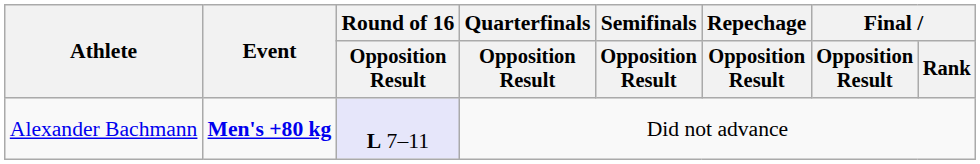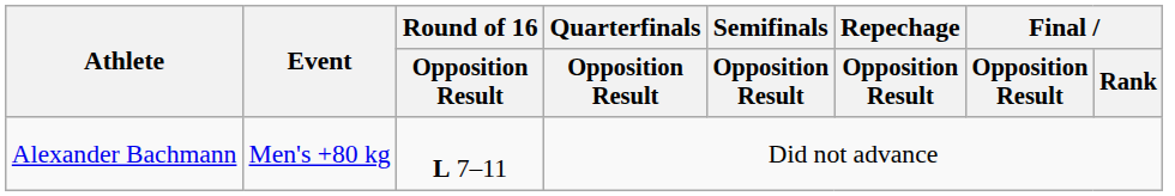 <table class="wikitable" style="font-size:90%">
 <tr>
 <th rowspan=2>Athlete</th>
 <th rowspan=2>Event</th>
 <th>Round of 16</th>
 <th>Quarterfinals</th>
 <th>Semifinals</th>
 <th>Repechage</th>
 <th colspan=2>Final / </th>
 </tr>
 <tr style="font-size:95%">
 <th>Opposition<br>Result</th>
 <th>Opposition<br>Result</th>
 <th>Opposition<br>Result</th>
 <th>Opposition<br>Result</th>
 <th>Opposition<br>Result</th>
 <th>Rank</th>
 </tr>
 <tr align=center>
 <td align=left><a href='#'>Alexander Bachmann</a></td>
-<td align=left><strong><a href='#'>Men's +80 kg</a></strong></td>
-<td style="background: lavender;"><br><strong>L</strong> 7–11</td>
+<td align=left><a href='#'>Men's +80 kg</a></td>
+<td><br><strong>L</strong> 7–11</td>
 <td colspan=5>Did not advance</td>
 </tr>
 </table>
